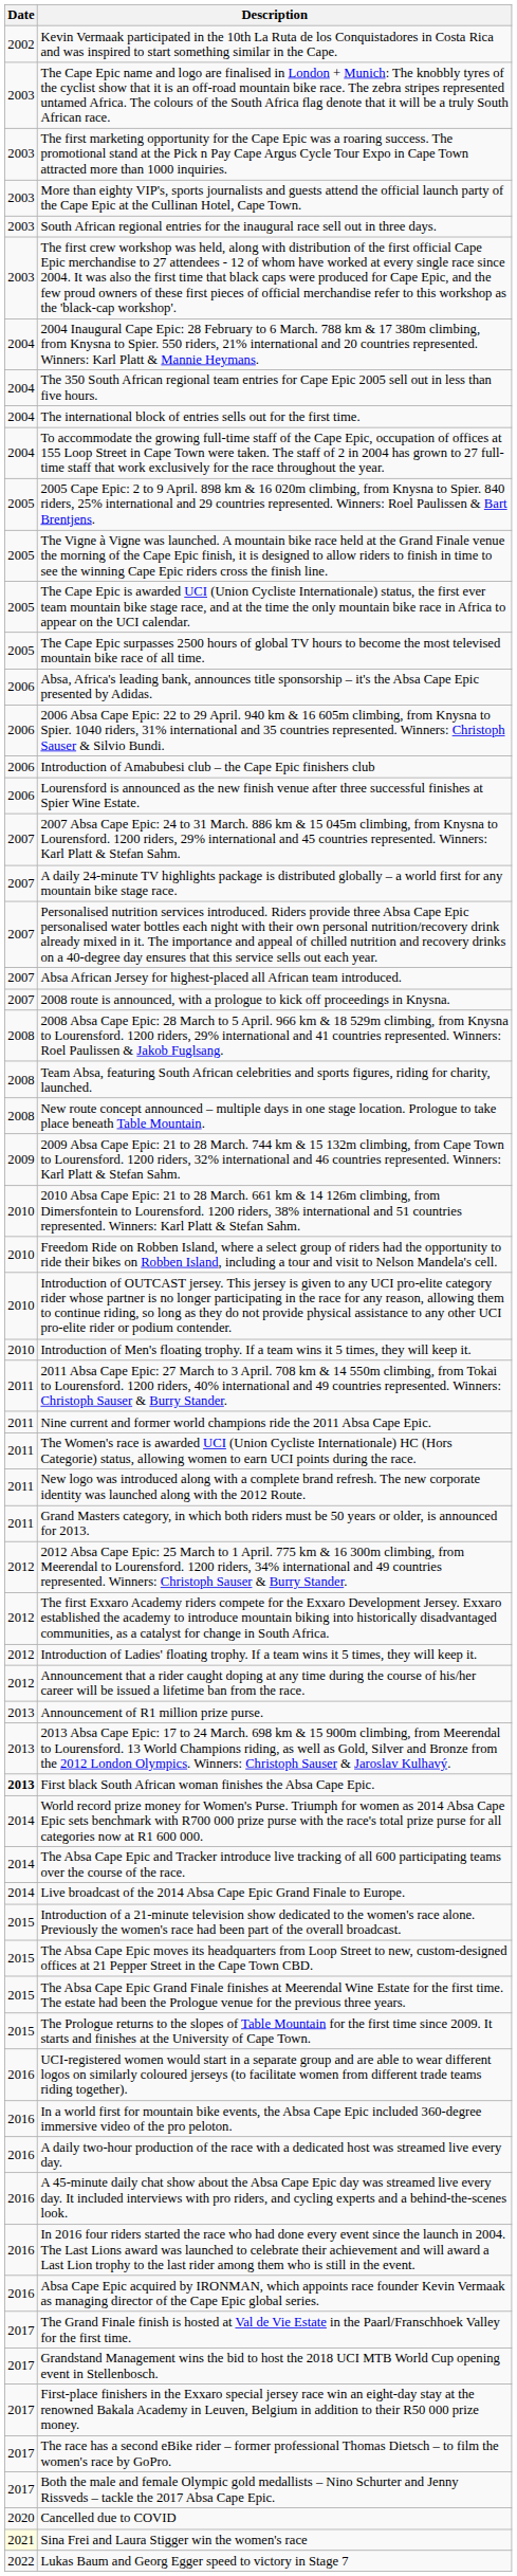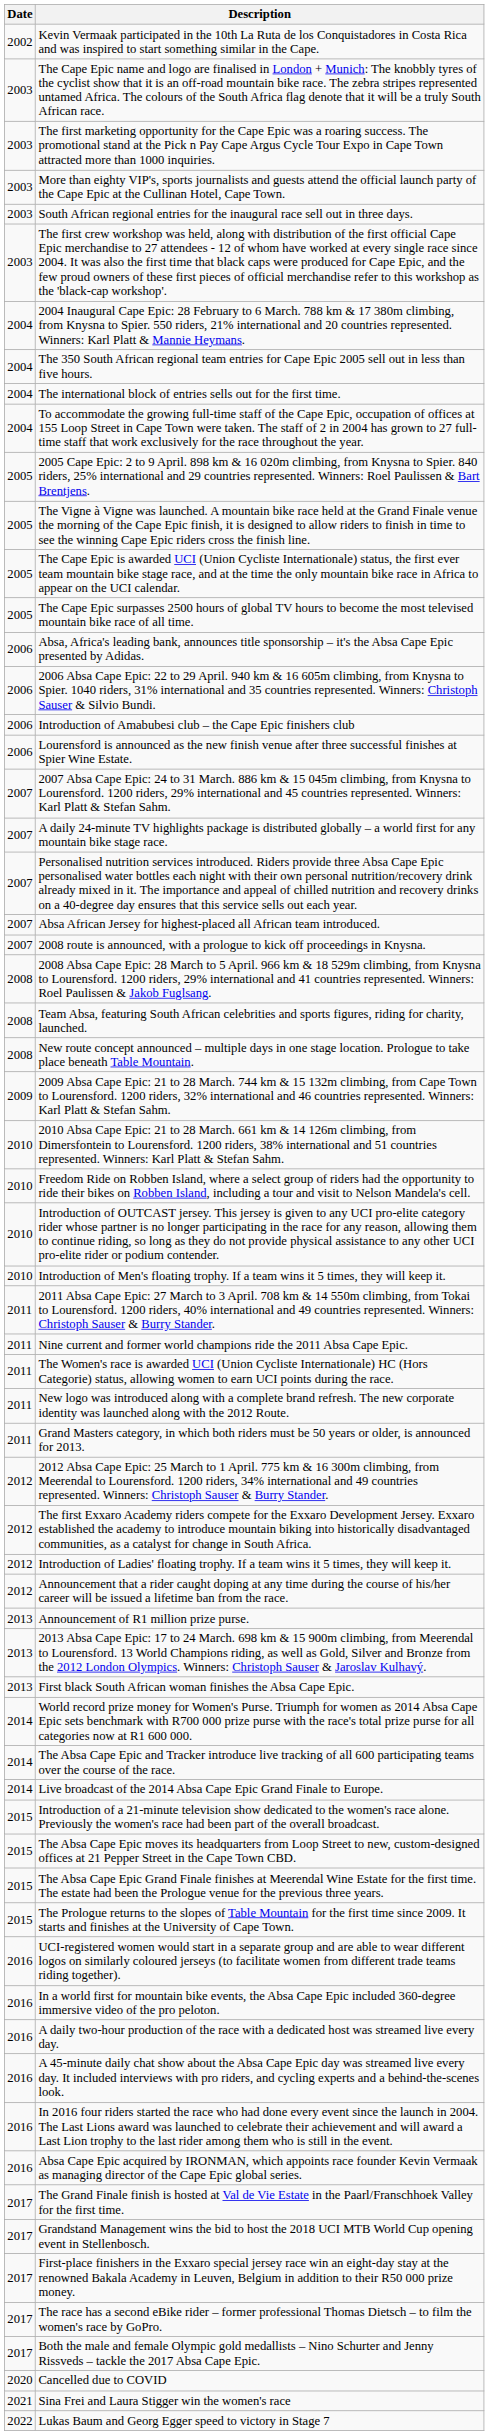 <table class="wikitable">
 <tr>
 <th>Date</th>
 <th>Description</th>
 </tr>
 <tr>
 <td>2002</td>
 <td>Kevin Vermaak participated in the 10th La Ruta de los Conquistadores in Costa Rica and was inspired to start something similar in the Cape.</td>
 </tr>
 <tr>
 <td>2003</td>
 <td>The Cape Epic name and logo are finalised in <a href='#'>London</a> + <a href='#'>Munich</a>: The knobbly tyres of the cyclist show that it is an off-road mountain bike race. The zebra stripes represented untamed Africa. The colours of the South Africa flag denote that it will be a truly South African race.</td>
 </tr>
 <tr>
 <td>2003</td>
 <td>The first marketing opportunity for the Cape Epic was a roaring success. The promotional stand at the Pick n Pay Cape Argus Cycle Tour Expo in Cape Town attracted more than 1000 inquiries.</td>
 </tr>
 <tr>
 <td>2003</td>
 <td>More than eighty VIP's, sports journalists and guests attend the official launch party of the Cape Epic at the Cullinan Hotel, Cape Town.</td>
 </tr>
 <tr>
 <td>2003</td>
 <td>South African regional entries for the inaugural race sell out in three days.</td>
 </tr>
 <tr>
 <td>2003</td>
 <td>The first crew workshop was held, along with distribution of the first official Cape Epic merchandise to 27 attendees - 12 of whom have worked at every single race since 2004. It was also the first time that black caps were produced for Cape Epic, and the few proud owners of these first pieces of official merchandise refer to this workshop as the 'black-cap workshop'.</td>
 </tr>
 <tr>
 <td>2004</td>
 <td>2004 Inaugural Cape Epic: 28 February to 6 March. 788 km & 17 380m climbing, from Knysna to Spier. 550 riders, 21% international and 20 countries represented. Winners: Karl Platt & <a href='#'>Mannie Heymans</a>.</td>
 </tr>
 <tr>
 <td>2004</td>
 <td>The 350 South African regional team entries for Cape Epic 2005 sell out in less than five hours.</td>
 </tr>
 <tr>
 <td>2004</td>
 <td>The international block of entries sells out for the first time.</td>
 </tr>
 <tr>
 <td>2004</td>
 <td>To accommodate the growing full-time staff of the Cape Epic, occupation of offices at 155 Loop Street in Cape Town were taken. The staff of 2 in 2004 has grown to 27 full-time staff that work exclusively for the race throughout the year.</td>
 </tr>
 <tr>
 <td>2005</td>
 <td>2005 Cape Epic: 2 to 9 April. 898 km & 16 020m climbing, from Knysna to Spier. 840 riders, 25% international and 29 countries represented. Winners: Roel Paulissen & <a href='#'>Bart Brentjens</a>.</td>
 </tr>
 <tr>
 <td>2005</td>
 <td>The Vigne à Vigne was launched. A mountain bike race held at the Grand Finale venue the morning of the Cape Epic finish, it is designed to allow riders to finish in time to see the winning Cape Epic riders cross the finish line.</td>
 </tr>
 <tr>
 <td>2005</td>
 <td>The Cape Epic is awarded <a href='#'>UCI</a> (Union Cycliste Internationale) status, the first ever team mountain bike stage race, and at the time the only mountain bike race in Africa to appear on the UCI calendar.</td>
 </tr>
 <tr>
 <td>2005</td>
 <td>The Cape Epic surpasses 2500 hours of global TV hours to become the most televised mountain bike race of all time.</td>
 </tr>
 <tr>
 <td>2006</td>
 <td>Absa, Africa's leading bank, announces title sponsorship – it's the Absa Cape Epic presented by Adidas.</td>
 </tr>
 <tr>
 <td>2006</td>
 <td>2006 Absa Cape Epic: 22 to 29 April. 940 km & 16 605m climbing, from Knysna to Spier. 1040 riders, 31% international and 35 countries represented. Winners: <a href='#'>Christoph Sauser</a> & Silvio Bundi.</td>
 </tr>
 <tr>
 <td>2006</td>
 <td>Introduction of Amabubesi club – the Cape Epic finishers club</td>
 </tr>
 <tr>
 <td>2006</td>
 <td>Lourensford is announced as the new finish venue after three successful finishes at Spier Wine Estate.</td>
 </tr>
 <tr>
 <td>2007</td>
 <td>2007 Absa Cape Epic: 24 to 31 March. 886 km & 15 045m climbing, from Knysna to Lourensford. 1200 riders, 29% international and 45 countries represented. Winners: Karl Platt & Stefan Sahm.</td>
 </tr>
 <tr>
 <td>2007</td>
 <td>A daily 24-minute TV highlights package is distributed globally – a world first for any mountain bike stage race.</td>
 </tr>
 <tr>
 <td>2007</td>
 <td>Personalised nutrition services introduced. Riders provide three Absa Cape Epic personalised water bottles each night with their own personal nutrition/recovery drink already mixed in it. The importance and appeal of chilled nutrition and recovery drinks on a 40-degree day ensures that this service sells out each year.</td>
 </tr>
 <tr>
 <td>2007</td>
 <td>Absa African Jersey for highest-placed all African team introduced.</td>
 </tr>
 <tr>
 <td>2007</td>
 <td>2008 route is announced, with a prologue to kick off proceedings in Knysna.</td>
 </tr>
 <tr>
 <td>2008</td>
 <td>2008 Absa Cape Epic: 28 March to 5 April. 966 km & 18 529m climbing, from Knysna to Lourensford. 1200 riders, 29% international and 41 countries represented. Winners: Roel Paulissen & <a href='#'>Jakob Fuglsang</a>.</td>
 </tr>
 <tr>
 <td>2008</td>
 <td>Team Absa, featuring South African celebrities and sports figures, riding for charity, launched.</td>
 </tr>
 <tr>
 <td>2008</td>
 <td>New route concept announced – multiple days in one stage location. Prologue to take place beneath <a href='#'>Table Mountain</a>.</td>
 </tr>
 <tr>
 <td>2009</td>
 <td>2009 Absa Cape Epic: 21 to 28 March. 744 km & 15 132m climbing, from Cape Town to Lourensford. 1200 riders, 32% international and 46 countries represented. Winners: Karl Platt & Stefan Sahm.</td>
 </tr>
 <tr>
 <td>2010</td>
 <td>2010 Absa Cape Epic: 21 to 28 March. 661 km & 14 126m climbing, from Dimersfontein to Lourensford. 1200 riders, 38% international and 51 countries represented. Winners: Karl Platt & Stefan Sahm.</td>
 </tr>
 <tr>
 <td>2010</td>
 <td>Freedom Ride on Robben Island, where a select group of riders had the opportunity to ride their bikes on <a href='#'>Robben Island</a>, including a tour and visit to Nelson Mandela's cell.</td>
 </tr>
 <tr>
 <td>2010</td>
 <td>Introduction of OUTCAST jersey. This jersey is given to any UCI pro-elite category rider whose partner is no longer participating in the race for any reason, allowing them to continue riding, so long as they do not provide physical assistance to any other UCI pro-elite rider or podium contender.</td>
 </tr>
 <tr>
 <td>2010</td>
 <td>Introduction of Men's floating trophy. If a team wins it 5 times, they will keep it.</td>
 </tr>
 <tr>
 <td>2011</td>
 <td>2011 Absa Cape Epic: 27 March to 3 April. 708 km & 14 550m climbing, from Tokai to Lourensford. 1200 riders, 40% international and 49 countries represented. Winners: <a href='#'>Christoph Sauser</a> & <a href='#'>Burry Stander</a>.</td>
 </tr>
 <tr>
 <td>2011</td>
 <td>Nine current and former world champions ride the 2011 Absa Cape Epic.</td>
 </tr>
 <tr>
 <td>2011</td>
 <td>The Women's race is awarded <a href='#'>UCI</a> (Union Cycliste Internationale) HC (Hors Categorie) status, allowing women to earn UCI points during the race.</td>
 </tr>
 <tr>
 <td>2011</td>
 <td>New logo was introduced along with a complete brand refresh. The new corporate identity was launched along with the 2012 Route.</td>
 </tr>
 <tr>
 <td>2011</td>
 <td>Grand Masters category, in which both riders must be 50 years or older, is announced for 2013.</td>
 </tr>
 <tr>
 <td>2012</td>
 <td>2012 Absa Cape Epic: 25 March to 1 April. 775 km & 16 300m climbing, from Meerendal to Lourensford. 1200 riders, 34% international and 49 countries represented. Winners: <a href='#'>Christoph Sauser</a> & <a href='#'>Burry Stander</a>.</td>
 </tr>
 <tr>
 <td>2012</td>
 <td>The first Exxaro Academy riders compete for the Exxaro Development Jersey. Exxaro established the academy to introduce mountain biking into historically disadvantaged communities, as a catalyst for change in South Africa.</td>
 </tr>
 <tr>
 <td>2012</td>
 <td>Introduction of Ladies' floating trophy. If a team wins it 5 times, they will keep it.</td>
 </tr>
 <tr>
 <td>2012</td>
 <td>Announcement that a rider caught doping at any time during the course of his/her career will be issued a lifetime ban from the race.</td>
 </tr>
 <tr>
 <td>2013</td>
 <td>Announcement of R1 million prize purse.</td>
 </tr>
 <tr>
 <td>2013</td>
 <td>2013 Absa Cape Epic: 17 to 24 March. 698 km & 15 900m climbing, from Meerendal to Lourensford. 13 World Champions riding, as well as Gold, Silver and Bronze from the <a href='#'>2012 London Olympics</a>. Winners: <a href='#'>Christoph Sauser</a> & <a href='#'>Jaroslav Kulhavý</a>.</td>
 </tr>
 <tr>
-<td><strong>2013</strong></td>
+<td>2013</td>
 <td>First black South African woman finishes the Absa Cape Epic.</td>
 </tr>
 <tr>
 <td>2014</td>
 <td>World record prize money for Women's Purse. Triumph for women as 2014 Absa Cape Epic sets benchmark with R700 000 prize purse with the race's total prize purse for all categories now at R1 600 000.</td>
 </tr>
 <tr>
 <td>2014</td>
 <td>The Absa Cape Epic and Tracker introduce live tracking of all 600 participating teams over the course of the race.</td>
 </tr>
 <tr>
 <td>2014</td>
 <td>Live broadcast of the 2014 Absa Cape Epic Grand Finale to Europe.</td>
 </tr>
 <tr>
 <td>2015</td>
 <td>Introduction of a 21-minute television show dedicated to the women's race alone. Previously the women's race had been part of the overall broadcast.</td>
 </tr>
 <tr>
 <td>2015</td>
 <td>The Absa Cape Epic moves its headquarters from Loop Street to new, custom-designed offices at 21 Pepper Street in the Cape Town CBD.</td>
 </tr>
 <tr>
 <td>2015</td>
 <td>The Absa Cape Epic Grand Finale finishes at Meerendal Wine Estate for the first time. The estate had been the Prologue venue for the previous three years.</td>
 </tr>
 <tr>
 <td>2015</td>
 <td>The Prologue returns to the slopes of <a href='#'>Table Mountain</a> for the first time since 2009. It starts and finishes at the University of Cape Town.</td>
 </tr>
 <tr>
 <td>2016</td>
 <td>UCI-registered women would start in a separate group and are able to wear different logos on similarly coloured jerseys (to facilitate women from different trade teams riding together).</td>
 </tr>
 <tr>
 <td>2016</td>
 <td>In a world first for mountain bike events, the Absa Cape Epic included 360-degree immersive video of the pro peloton.</td>
 </tr>
 <tr>
 <td>2016</td>
 <td>A daily two-hour production of the race with a dedicated host was streamed live every day.</td>
 </tr>
 <tr>
 <td>2016</td>
 <td>A 45-minute daily chat show about the Absa Cape Epic day was streamed live every day. It included interviews with pro riders, and cycling experts and a behind-the-scenes look.</td>
 </tr>
 <tr>
 <td>2016</td>
 <td>In 2016 four riders started the race who had done every event since the launch in 2004. The Last Lions award was launched to celebrate their achievement and will award a Last Lion trophy to the last rider among them who is still in the event.</td>
 </tr>
 <tr>
 <td>2016</td>
 <td>Absa Cape Epic acquired by IRONMAN, which appoints race founder Kevin Vermaak as managing director of the Cape Epic global series.</td>
 </tr>
 <tr>
 <td>2017</td>
 <td>The Grand Finale finish is hosted at <a href='#'>Val de Vie Estate</a> in the Paarl/Franschhoek Valley for the first time.</td>
 </tr>
 <tr>
 <td>2017</td>
 <td>Grandstand Management wins the bid to host the 2018 UCI MTB World Cup opening event in Stellenbosch.</td>
 </tr>
 <tr>
 <td>2017</td>
 <td>First-place finishers in the Exxaro special jersey race win an eight-day stay at the renowned Bakala Academy in Leuven, Belgium in addition to their R50 000 prize money.</td>
 </tr>
 <tr>
 <td>2017</td>
 <td>The race has a second eBike rider – former professional Thomas Dietsch – to film the women's race by GoPro.</td>
 </tr>
 <tr>
 <td>2017</td>
 <td>Both the male and female Olympic gold medallists – Nino Schurter and Jenny Rissveds – tackle the 2017 Absa Cape Epic.</td>
 </tr>
 <tr>
 <td>2020</td>
 <td>Cancelled due to COVID</td>
 </tr>
 <tr>
-<td style="background: lightyellow;">2021</td>
+<td>2021</td>
 <td>Sina Frei and Laura Stigger win the women's race</td>
 </tr>
 <tr>
 <td>2022</td>
 <td>Lukas Baum and Georg Egger speed to victory in Stage 7 </td>
 </tr>
 </table>
